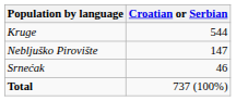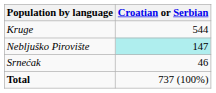 <table class="wikitable sortable">
 <tr>
 <th>Population by language</th>
 <th><a href='#'>Croatian</a> or <a href='#'>Serbian</a></th>
 </tr>
 <tr>
 <td><em>Kruge</em></td>
 <td align="right">544</td>
 </tr>
 <tr>
 <td><em>Nebljuško Pirovište</em></td>
-<td align="right">147</td>
+<td align="right" style="background: paleturquoise;">147</td>
 </tr>
 <tr>
 <td><em>Srnećak</em></td>
 <td align="right">46</td>
 </tr>
 <tr>
 <td><strong>Total</strong></td>
 <td align="right">737 (100%)</td>
 </tr>
 </table>
